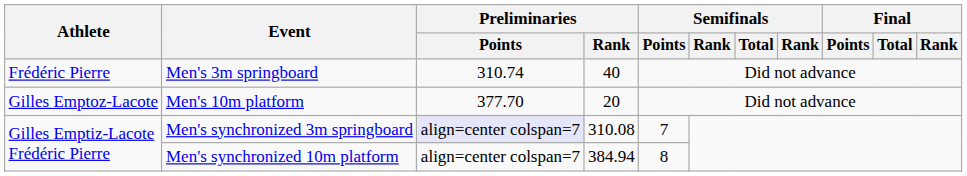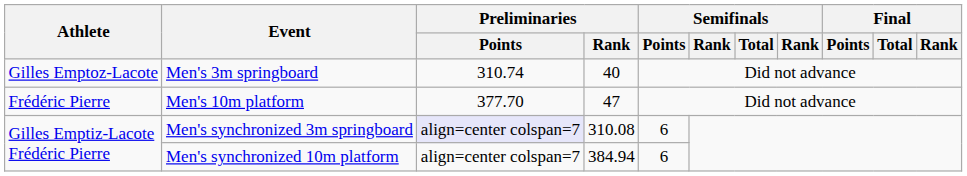 <table class=wikitable style="font-size:90%">
 <tr>
 <th rowspan="2">Athlete</th>
 <th rowspan="2">Event</th>
 <th colspan="2">Preliminaries</th>
 <th colspan="4">Semifinals</th>
 <th colspan="3">Final</th>
 </tr>
 <tr style="font-size:95%">
 <th>Points</th>
 <th>Rank</th>
 <th>Points</th>
 <th>Rank</th>
 <th>Total</th>
 <th>Rank</th>
 <th>Points</th>
 <th>Total</th>
 <th>Rank</th>
 </tr>
 <tr>
-<td align=left><a href='#'>Frédéric Pierre</a></td>
+<td align=left><a href='#'>Gilles Emptoz-Lacote</a></td>
 <td align=left><a href='#'>Men's 3m springboard</a></td>
 <td align=center>310.74</td>
 <td align=center>40</td>
 <td align=center colspan=7>Did not advance</td>
 </tr>
 <tr>
-<td align=left><a href='#'>Gilles Emptoz-Lacote</a></td>
+<td align=left><a href='#'>Frédéric Pierre</a></td>
 <td align=left><a href='#'>Men's 10m platform</a></td>
 <td align=center>377.70</td>
-<td align=center>20</td>
+<td align=center>47</td>
 <td align=center colspan=7>Did not advance</td>
 </tr>
 <tr>
 <td align=left rowspan=2><a href='#'>Gilles Emptiz-Lacote</a><br> <a href='#'>Frédéric Pierre</a></td>
 <td align=left><a href='#'>Men's synchronized 3m springboard</a></td>
 <td style="background: lavender;">align=center colspan=7 </td>
 <td align=center>310.08</td>
-<td align=center>7</td>
+<td align=center>6</td>
 </tr>
 <tr>
 <td align=left><a href='#'>Men's synchronized 10m platform</a></td>
 <td>align=center colspan=7 </td>
 <td align=center>384.94</td>
-<td align=center>8</td>
+<td align=center>6</td>
 </tr>
 </table>
